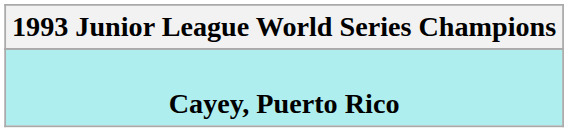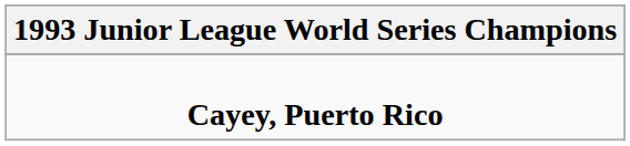 <table class="wikitable" style="text-align: center; margin: 0 auto;">
 <tr>
 <th>1993 Junior League World Series Champions</th>
 </tr>
 <tr>
 </tr>
 <tr>
-<td style="background: paleturquoise;"><br><strong>Cayey, Puerto Rico</strong></td>
+<td><br><strong>Cayey, Puerto Rico</strong></td>
 </tr>
 </table>
